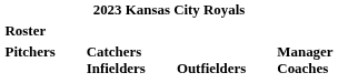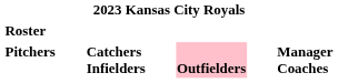 <table class="toccolours" style="font-size: 95%;">
 <tr>
 <th colspan="10">2023 Kansas City Royals</th>
 </tr>
 <tr>
 <td colspan="10"><strong>Roster</strong></td>
 </tr>
 <tr>
 <td valign="top"><strong>Pitchers</strong><br>                                 </td>
 <td width="25px"></td>
 <td valign="top"><strong>Catchers</strong><br>    <strong>Infielders</strong>          </td>
 <td width="25px"></td>
-<td valign="top"><br><strong>Outfielders</strong>          </td>
+<td valign="top" style="background: pink;"><br><strong>Outfielders</strong>          </td>
 <td width="25px"></td>
 <td valign="top"><strong>Manager</strong><br> <strong>Coaches</strong>                          </td>
 </tr>
 </table>
